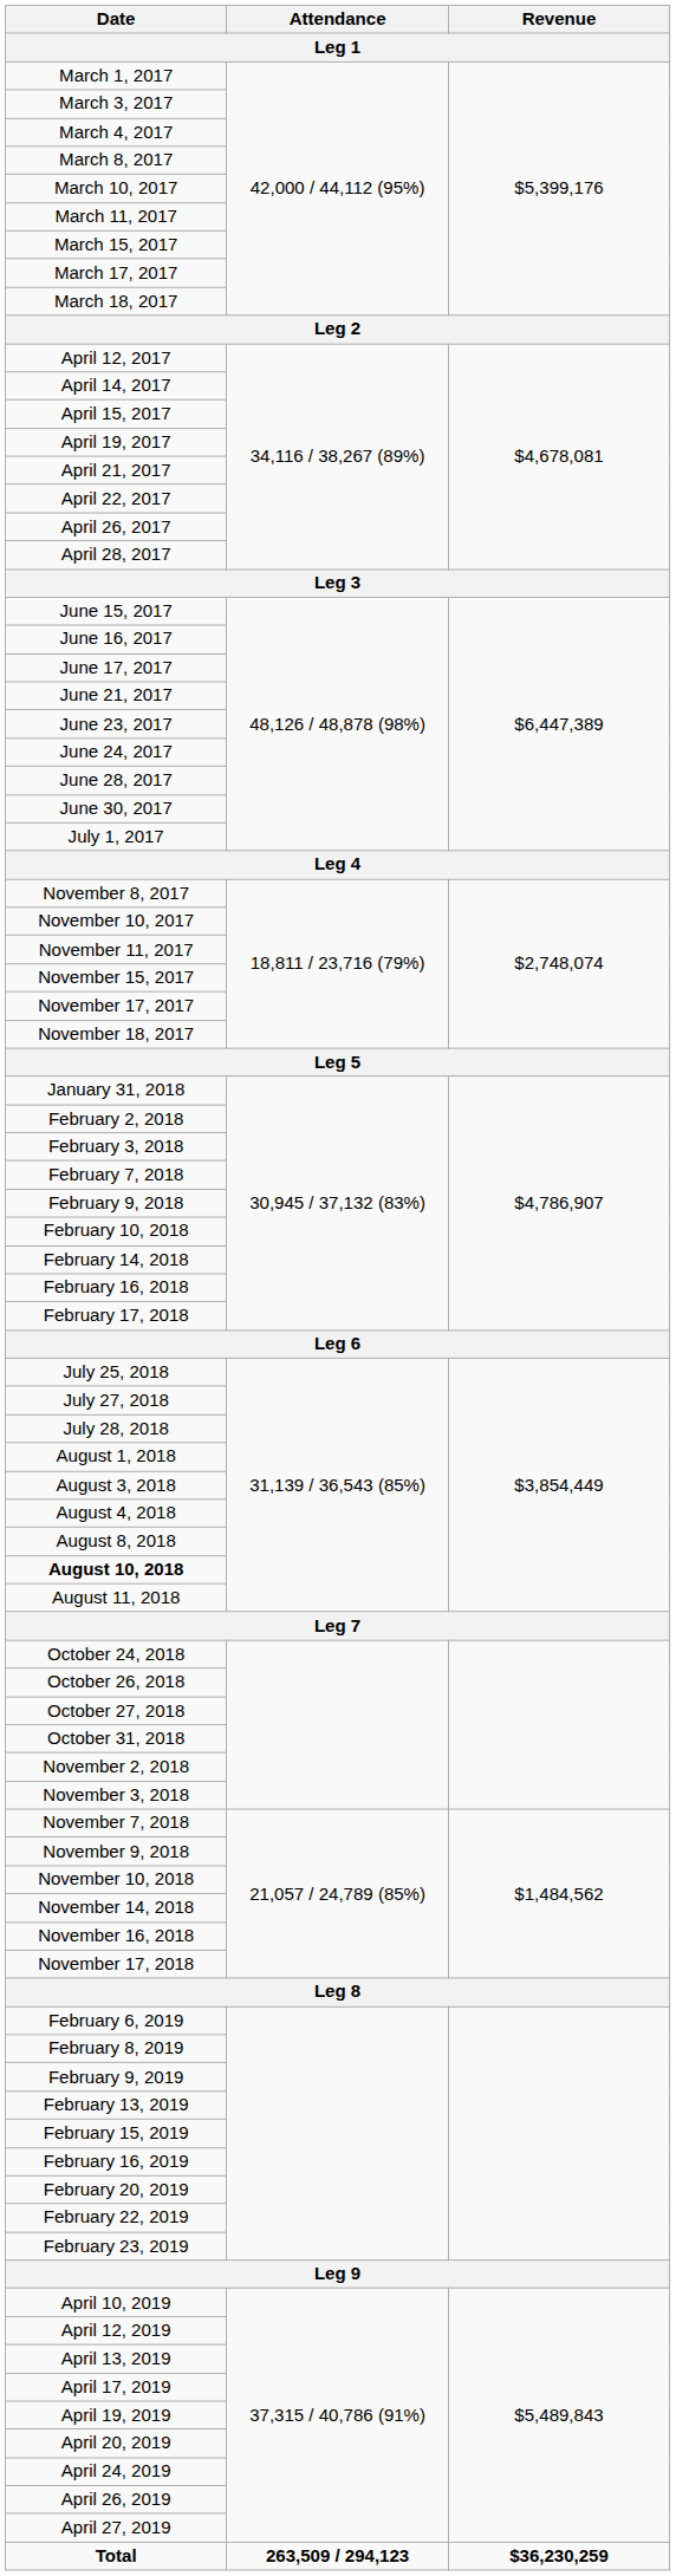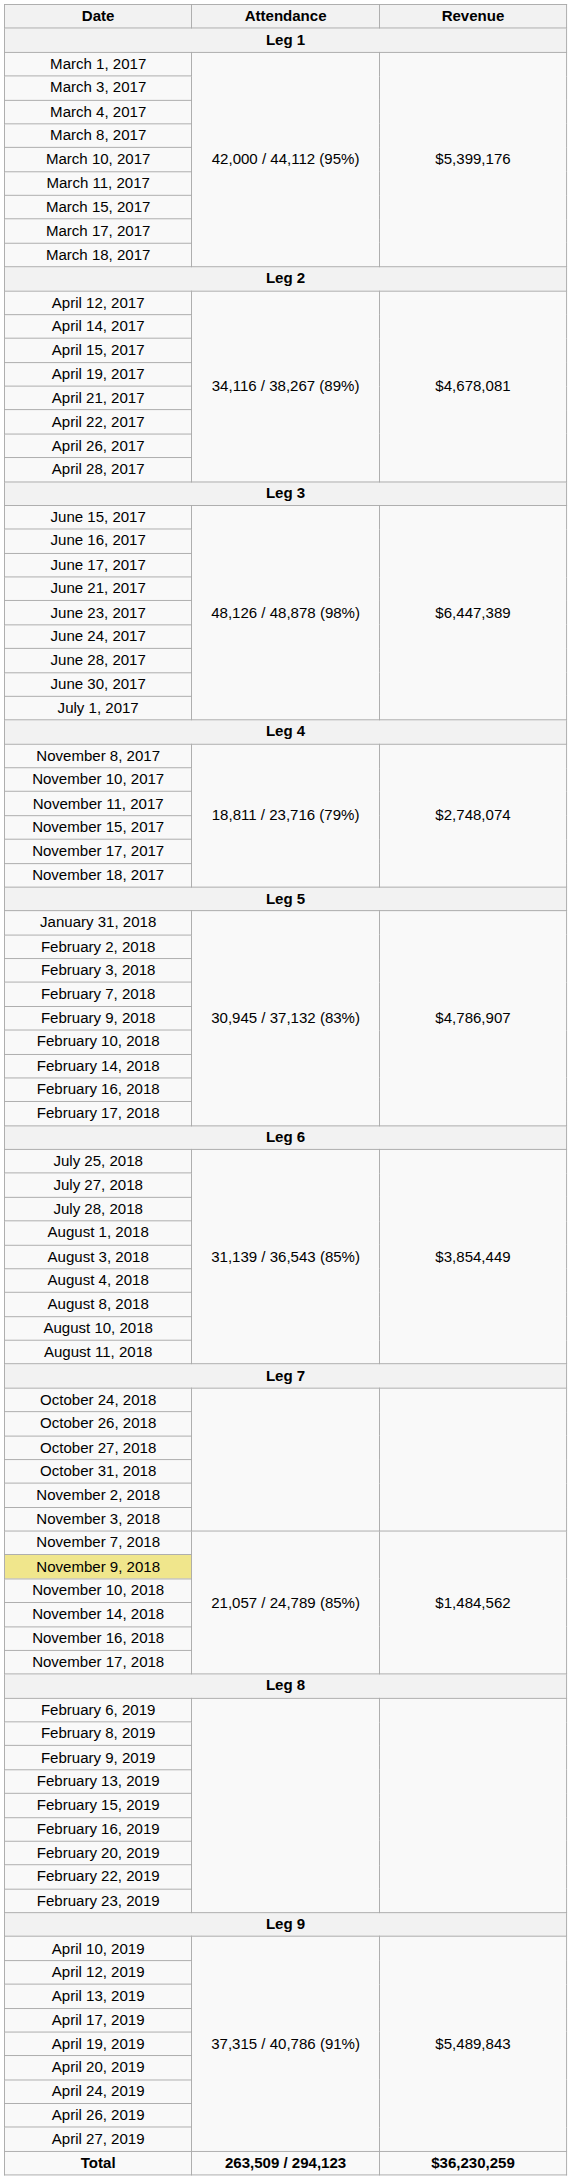 <table class="wikitable" style="text-align:center;">
 <tr>
 <th scope="col" style="width:12em;">Date</th>
 <th scope="col" style="width:12em;">Attendance</th>
 <th scope="col" style="width:12em;">Revenue</th>
 </tr>
 <tr>
 <th colspan="3">Leg 1</th>
 </tr>
 <tr>
 <td>March 1, 2017</td>
 <td rowspan="9">42,000 / 44,112 (95%)</td>
 <td rowspan="9">$5,399,176</td>
 </tr>
 <tr>
 <td>March 3, 2017</td>
 </tr>
 <tr>
 <td>March 4, 2017</td>
 </tr>
 <tr>
 <td>March 8, 2017</td>
 </tr>
 <tr>
 <td>March 10, 2017</td>
 </tr>
 <tr>
 <td>March 11, 2017</td>
 </tr>
 <tr>
 <td>March 15, 2017</td>
 </tr>
 <tr>
 <td>March 17, 2017</td>
 </tr>
 <tr>
 <td>March 18, 2017</td>
 </tr>
 <tr>
 <th colspan="3">Leg 2</th>
 </tr>
 <tr>
 <td>April 12, 2017</td>
 <td rowspan="8">34,116 / 38,267 (89%)</td>
 <td rowspan="8">$4,678,081</td>
 </tr>
 <tr>
 <td>April 14, 2017</td>
 </tr>
 <tr>
 <td>April 15, 2017</td>
 </tr>
 <tr>
 <td>April 19, 2017</td>
 </tr>
 <tr>
 <td>April 21, 2017</td>
 </tr>
 <tr>
 <td>April 22, 2017</td>
 </tr>
 <tr>
 <td>April 26, 2017</td>
 </tr>
 <tr>
 <td>April 28, 2017</td>
 </tr>
 <tr>
 <th colspan="3">Leg 3</th>
 </tr>
 <tr>
 <td>June 15, 2017</td>
 <td rowspan="9”">48,126 / 48,878 (98%)</td>
 <td rowspan="9”">$6,447,389</td>
 </tr>
 <tr>
 <td>June 16, 2017</td>
 </tr>
 <tr>
 <td>June 17, 2017</td>
 </tr>
 <tr>
 <td>June 21, 2017</td>
 </tr>
 <tr>
 <td>June 23, 2017</td>
 </tr>
 <tr>
 <td>June 24, 2017</td>
 </tr>
 <tr>
 <td>June 28, 2017</td>
 </tr>
 <tr>
 <td>June 30, 2017</td>
 </tr>
 <tr>
 <td>July 1, 2017</td>
 </tr>
 <tr>
 <th colspan="3"><strong>Leg 4</strong></th>
 </tr>
 <tr>
 <td>November 8, 2017</td>
 <td rowspan="6">18,811 / 23,716 (79%)</td>
 <td rowspan="6">$2,748,074</td>
 </tr>
 <tr>
 <td>November 10, 2017</td>
 </tr>
 <tr>
 <td>November 11, 2017</td>
 </tr>
 <tr>
 <td>November 15, 2017</td>
 </tr>
 <tr>
 <td>November 17, 2017</td>
 </tr>
 <tr>
 <td>November 18, 2017</td>
 </tr>
 <tr>
 <th colspan="3">Leg 5</th>
 </tr>
 <tr>
 <td>January 31, 2018</td>
 <td rowspan="9">30,945 / 37,132 (83%)</td>
 <td rowspan="9">$4,786,907</td>
 </tr>
 <tr>
 <td>February 2, 2018</td>
 </tr>
 <tr>
 <td>February 3, 2018</td>
 </tr>
 <tr>
 <td>February 7, 2018</td>
 </tr>
 <tr>
 <td>February 9, 2018</td>
 </tr>
 <tr>
 <td>February 10, 2018</td>
 </tr>
 <tr>
 <td>February 14, 2018</td>
 </tr>
 <tr>
 <td>February 16, 2018</td>
 </tr>
 <tr>
 <td>February 17, 2018</td>
 </tr>
 <tr>
 <th colspan="3">Leg 6</th>
 </tr>
 <tr>
 <td>July 25, 2018</td>
 <td rowspan="9">31,139 / 36,543 (85%)</td>
 <td rowspan="9">$3,854,449</td>
 </tr>
 <tr>
 <td>July 27, 2018</td>
 </tr>
 <tr>
 <td>July 28, 2018</td>
 </tr>
 <tr>
 <td>August 1, 2018</td>
 </tr>
 <tr>
 <td>August 3, 2018</td>
 </tr>
 <tr>
 <td>August 4, 2018</td>
 </tr>
 <tr>
 <td>August 8, 2018</td>
 </tr>
 <tr>
-<td><strong>August 10, 2018</strong></td>
+<td>August 10, 2018</td>
 </tr>
 <tr>
 <td>August 11, 2018</td>
 </tr>
 <tr>
 <th colspan="3">Leg 7</th>
 </tr>
 <tr>
 <td>October 24, 2018</td>
 <td rowspan="6"></td>
 <td rowspan="6"></td>
 </tr>
 <tr>
 <td>October 26, 2018</td>
 </tr>
 <tr>
 <td>October 27, 2018</td>
 </tr>
 <tr>
 <td>October 31, 2018</td>
 </tr>
 <tr>
 <td>November 2, 2018</td>
 </tr>
 <tr>
 <td>November 3, 2018</td>
 </tr>
 <tr>
 <td>November 7, 2018</td>
 <td rowspan="6">21,057 / 24,789 (85%)</td>
 <td rowspan="6">$1,484,562</td>
 </tr>
 <tr>
-<td>November 9, 2018</td>
+<td style="background: khaki;">November 9, 2018</td>
 </tr>
 <tr>
 <td>November 10, 2018</td>
 </tr>
 <tr>
 <td>November 14, 2018</td>
 </tr>
 <tr>
 <td>November 16, 2018</td>
 </tr>
 <tr>
 <td>November 17, 2018</td>
 </tr>
 <tr>
 <th colspan="3">Leg 8</th>
 </tr>
 <tr>
 <td>February 6, 2019</td>
 <td rowspan="9"></td>
 <td rowspan="9"></td>
 </tr>
 <tr>
 <td>February 8, 2019</td>
 </tr>
 <tr>
 <td>February 9, 2019</td>
 </tr>
 <tr>
 <td>February 13, 2019</td>
 </tr>
 <tr>
 <td>February 15, 2019</td>
 </tr>
 <tr>
 <td>February 16, 2019</td>
 </tr>
 <tr>
 <td>February 20, 2019</td>
 </tr>
 <tr>
 <td>February 22, 2019</td>
 </tr>
 <tr>
 <td>February 23, 2019</td>
 </tr>
 <tr>
 <th colspan="3">Leg 9</th>
 </tr>
 <tr>
 <td>April 10, 2019</td>
 <td rowspan="9">37,315 / 40,786 (91%)</td>
 <td rowspan="9">$5,489,843</td>
 </tr>
 <tr>
 <td>April 12, 2019</td>
 </tr>
 <tr>
 <td>April 13, 2019</td>
 </tr>
 <tr>
 <td>April 17, 2019</td>
 </tr>
 <tr>
 <td>April 19, 2019</td>
 </tr>
 <tr>
 <td>April 20, 2019</td>
 </tr>
 <tr>
 <td>April 24, 2019</td>
 </tr>
 <tr>
 <td>April 26, 2019</td>
 </tr>
 <tr>
 <td>April 27, 2019</td>
 </tr>
 <tr>
 <td><strong>Total</strong></td>
 <td><strong>263,509 / 294,123</strong></td>
 <td><strong>$36,230,259</strong></td>
 </tr>
 </table>
